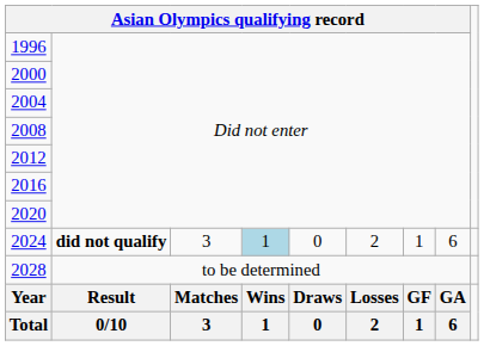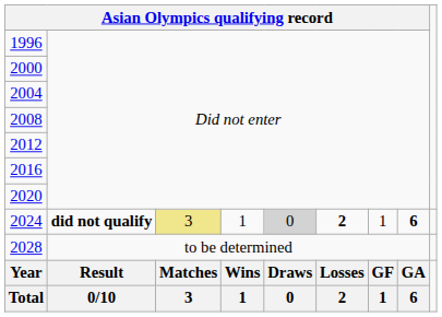 <table class="wikitable" style="text-align: center;">
 <tr>
 <th colspan="8"><a href='#'>Asian Olympics qualifying</a> record</th>
 </tr>
 <tr>
 <td> <a href='#'>1996</a></td>
 <td colspan="7" rowspan="7"><em>Did not enter</em></td>
 </tr>
 <tr>
 <td> <a href='#'>2000</a></td>
 </tr>
 <tr>
 <td> <a href='#'>2004</a></td>
 </tr>
 <tr>
 <td> <a href='#'>2008</a></td>
 </tr>
 <tr>
 <td> <a href='#'>2012</a></td>
 </tr>
 <tr>
 <td> <a href='#'>2016</a></td>
 </tr>
 <tr>
 <td> <a href='#'>2020</a></td>
 </tr>
 <tr>
 <td> <a href='#'>2024</a></td>
 <td><strong>did not qualify</strong></td>
-<td>3</td>
-<td style="background: lightblue;">1</td>
-<td>0</td>
-<td>2</td>
+<td style="background: khaki;">3</td>
 <td>1</td>
-<td>6</td>
+<td style="background: lightgrey;">0</td>
+<td><strong>2</strong></td>
+<td>1</td>
+<td><strong>6</strong></td>
 <td></td>
 </tr>
 <tr>
 <td> <a href='#'>2028</a></td>
 <td colspan="7">to be determined</td>
 <td colspan="9"></td>
 </tr>
 <tr>
 <th>Year</th>
 <th>Result</th>
 <th>Matches</th>
 <th>Wins</th>
 <th>Draws</th>
 <th>Losses</th>
 <th>GF</th>
 <th>GA</th>
 </tr>
 <tr>
 <th><strong>Total</strong></th>
 <th>0/10</th>
 <th>3</th>
 <th>1</th>
 <th>0</th>
 <th>2</th>
 <th>1</th>
 <th>6</th>
 </tr>
 </table>
